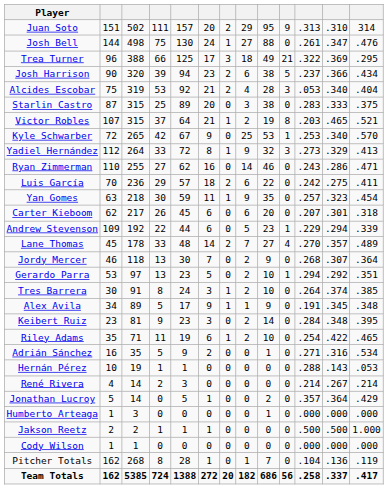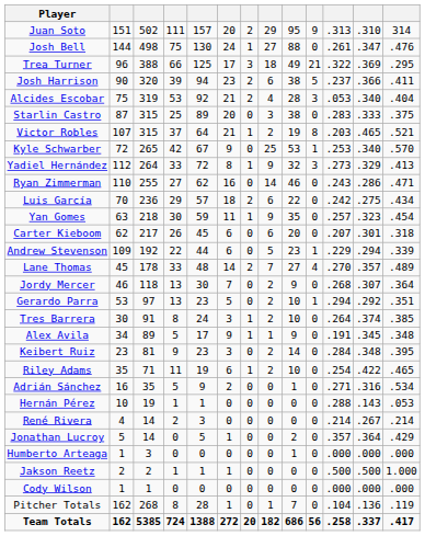 <table class="wikitable sortable" style="text-align:center;">
 <tr>
 <th>Player</th>
 <th></th>
 <th></th>
 <th></th>
 <th></th>
 <th></th>
 <th></th>
 <th></th>
 <th></th>
 <th></th>
 <th></th>
 <th></th>
 <th></th>
 </tr>
 <tr>
 <td><a href='#'>Juan Soto</a></td>
 <td>151</td>
 <td>502</td>
 <td>111</td>
 <td>157</td>
 <td>20</td>
 <td>2</td>
 <td>29</td>
 <td>95</td>
 <td>9</td>
 <td>.313</td>
 <td>.310</td>
 <td>314</td>
 </tr>
 <tr>
 <td><a href='#'>Josh Bell</a></td>
 <td>144</td>
 <td>498</td>
 <td>75</td>
 <td>130</td>
 <td>24</td>
 <td>1</td>
 <td>27</td>
 <td>88</td>
 <td>0</td>
 <td>.261</td>
 <td>.347</td>
 <td>.476</td>
 </tr>
 <tr>
 <td><a href='#'>Trea Turner</a></td>
 <td>96</td>
 <td>388</td>
 <td>66</td>
 <td>125</td>
 <td>17</td>
 <td>3</td>
 <td>18</td>
 <td>49</td>
 <td>21</td>
 <td>.322</td>
 <td>.369</td>
 <td>.295</td>
 </tr>
 <tr>
 <td><a href='#'>Josh Harrison</a></td>
 <td>90</td>
 <td>320</td>
 <td>39</td>
 <td>94</td>
 <td>23</td>
 <td>2</td>
 <td>6</td>
 <td>38</td>
 <td>5</td>
 <td>.237</td>
 <td>.366</td>
-<td>.434</td>
+<td>.411</td>
 </tr>
 <tr>
 <td><a href='#'>Alcides Escobar</a></td>
 <td>75</td>
 <td>319</td>
 <td>53</td>
 <td>92</td>
 <td>21</td>
 <td>2</td>
 <td>4</td>
 <td>28</td>
 <td>3</td>
 <td>.053</td>
 <td>.340</td>
 <td>.404</td>
 </tr>
 <tr>
 <td><a href='#'>Starlin Castro</a></td>
 <td>87</td>
 <td>315</td>
 <td>25</td>
 <td>89</td>
 <td>20</td>
 <td>0</td>
 <td>3</td>
 <td>38</td>
 <td>0</td>
 <td>.283</td>
 <td>.333</td>
 <td>.375</td>
 </tr>
 <tr>
 <td><a href='#'>Victor Robles</a></td>
 <td>107</td>
 <td>315</td>
 <td>37</td>
 <td>64</td>
 <td>21</td>
 <td>1</td>
 <td>2</td>
 <td>19</td>
 <td>8</td>
 <td>.203</td>
 <td>.465</td>
 <td>.521</td>
 </tr>
 <tr>
 <td><a href='#'>Kyle Schwarber</a></td>
 <td>72</td>
 <td>265</td>
 <td>42</td>
 <td>67</td>
 <td>9</td>
 <td>0</td>
 <td>25</td>
 <td>53</td>
 <td>1</td>
 <td>.253</td>
 <td>.340</td>
 <td>.570</td>
 </tr>
 <tr>
 <td><a href='#'>Yadiel Hernández</a></td>
 <td>112</td>
 <td>264</td>
 <td>33</td>
 <td>72</td>
 <td>8</td>
 <td>1</td>
 <td>9</td>
 <td>32</td>
 <td>3</td>
 <td>.273</td>
 <td>.329</td>
 <td>.413</td>
 </tr>
 <tr>
 <td><a href='#'>Ryan Zimmerman</a></td>
 <td>110</td>
 <td>255</td>
 <td>27</td>
 <td>62</td>
 <td>16</td>
 <td>0</td>
 <td>14</td>
 <td>46</td>
 <td>0</td>
 <td>.243</td>
 <td>.286</td>
 <td>.471</td>
 </tr>
 <tr>
 <td><a href='#'>Luis García</a></td>
 <td>70</td>
 <td>236</td>
 <td>29</td>
 <td>57</td>
 <td>18</td>
 <td>2</td>
 <td>6</td>
 <td>22</td>
 <td>0</td>
 <td>.242</td>
 <td>.275</td>
-<td>.411</td>
+<td>.434</td>
 </tr>
 <tr>
 <td><a href='#'>Yan Gomes</a></td>
 <td>63</td>
 <td>218</td>
 <td>30</td>
 <td>59</td>
 <td>11</td>
 <td>1</td>
 <td>9</td>
 <td>35</td>
 <td>0</td>
 <td>.257</td>
 <td>.323</td>
 <td>.454</td>
 </tr>
 <tr>
 <td><a href='#'>Carter Kieboom</a></td>
 <td>62</td>
 <td>217</td>
 <td>26</td>
 <td>45</td>
 <td>6</td>
 <td>0</td>
 <td>6</td>
 <td>20</td>
 <td>0</td>
 <td>.207</td>
 <td>.301</td>
 <td>.318</td>
 </tr>
 <tr>
 <td><a href='#'>Andrew Stevenson</a></td>
 <td>109</td>
 <td>192</td>
 <td>22</td>
 <td>44</td>
 <td>6</td>
 <td>0</td>
 <td>5</td>
 <td>23</td>
 <td>1</td>
 <td>.229</td>
 <td>.294</td>
 <td>.339</td>
 </tr>
 <tr>
 <td><a href='#'>Lane Thomas</a></td>
 <td>45</td>
 <td>178</td>
 <td>33</td>
 <td>48</td>
 <td>14</td>
 <td>2</td>
 <td>7</td>
 <td>27</td>
 <td>4</td>
 <td>.270</td>
 <td>.357</td>
 <td>.489</td>
 </tr>
 <tr>
 <td><a href='#'>Jordy Mercer</a></td>
 <td>46</td>
 <td>118</td>
 <td>13</td>
 <td>30</td>
 <td>7</td>
 <td>0</td>
 <td>2</td>
 <td>9</td>
 <td>0</td>
 <td>.268</td>
 <td>.307</td>
 <td>.364</td>
 </tr>
 <tr>
 <td><a href='#'>Gerardo Parra</a></td>
 <td>53</td>
 <td>97</td>
 <td>13</td>
 <td>23</td>
 <td>5</td>
 <td>0</td>
 <td>2</td>
 <td>10</td>
 <td>1</td>
 <td>.294</td>
 <td>.292</td>
 <td>.351</td>
 </tr>
 <tr>
 <td><a href='#'>Tres Barrera</a></td>
 <td>30</td>
 <td>91</td>
 <td>8</td>
 <td>24</td>
 <td>3</td>
 <td>1</td>
 <td>2</td>
 <td>10</td>
 <td>0</td>
 <td>.264</td>
 <td>.374</td>
 <td>.385</td>
 </tr>
 <tr>
 <td><a href='#'>Alex Avila</a></td>
 <td>34</td>
 <td>89</td>
 <td>5</td>
 <td>17</td>
 <td>9</td>
 <td>1</td>
 <td>1</td>
 <td>9</td>
 <td>0</td>
 <td>.191</td>
 <td>.345</td>
 <td>.348</td>
 </tr>
 <tr>
 <td><a href='#'>Keibert Ruiz</a></td>
 <td>23</td>
 <td>81</td>
 <td>9</td>
 <td>23</td>
 <td>3</td>
 <td>0</td>
 <td>2</td>
 <td>14</td>
 <td>0</td>
 <td>.284</td>
 <td>.348</td>
 <td>.395</td>
 </tr>
 <tr>
 <td><a href='#'>Riley Adams</a></td>
 <td>35</td>
 <td>71</td>
 <td>11</td>
 <td>19</td>
 <td>6</td>
 <td>1</td>
 <td>2</td>
 <td>10</td>
 <td>0</td>
 <td>.254</td>
 <td>.422</td>
 <td>.465</td>
 </tr>
 <tr>
 <td><a href='#'>Adrián Sánchez</a></td>
 <td>16</td>
 <td>35</td>
 <td>5</td>
 <td>9</td>
 <td>2</td>
 <td>0</td>
 <td>0</td>
 <td>1</td>
 <td>0</td>
 <td>.271</td>
 <td>.316</td>
 <td>.534</td>
 </tr>
 <tr>
 <td><a href='#'>Hernán Pérez</a></td>
 <td>10</td>
 <td>19</td>
 <td>1</td>
 <td>1</td>
 <td>0</td>
 <td>0</td>
 <td>0</td>
 <td>0</td>
 <td>0</td>
 <td>.288</td>
 <td>.143</td>
 <td>.053</td>
 </tr>
 <tr>
 <td><a href='#'>René Rivera</a></td>
 <td>4</td>
 <td>14</td>
 <td>2</td>
 <td>3</td>
 <td>0</td>
 <td>0</td>
 <td>0</td>
 <td>0</td>
 <td>0</td>
 <td>.214</td>
 <td>.267</td>
 <td>.214</td>
 </tr>
 <tr>
 <td><a href='#'>Jonathan Lucroy</a></td>
 <td>5</td>
 <td>14</td>
 <td>0</td>
 <td>5</td>
 <td>1</td>
 <td>0</td>
 <td>0</td>
 <td>2</td>
 <td>0</td>
 <td>.357</td>
 <td>.364</td>
 <td>.429</td>
 </tr>
 <tr>
 <td><a href='#'>Humberto Arteaga</a></td>
 <td>1</td>
 <td>3</td>
 <td>0</td>
 <td>0</td>
 <td>0</td>
 <td>0</td>
 <td>0</td>
 <td>1</td>
 <td>0</td>
 <td>.000</td>
 <td>.000</td>
 <td>.000</td>
 </tr>
 <tr>
 <td><a href='#'>Jakson Reetz</a></td>
 <td>2</td>
 <td>2</td>
 <td>1</td>
 <td>1</td>
 <td>1</td>
 <td>0</td>
 <td>0</td>
 <td>0</td>
 <td>0</td>
 <td>.500</td>
 <td>.500</td>
 <td>1.000</td>
 </tr>
 <tr>
 <td><a href='#'>Cody Wilson</a></td>
 <td>1</td>
 <td>1</td>
 <td>0</td>
 <td>0</td>
 <td>0</td>
 <td>0</td>
 <td>0</td>
 <td>0</td>
 <td>0</td>
 <td>.000</td>
 <td>.000</td>
 <td>.000</td>
 </tr>
 <tr>
 <td>Pitcher Totals</td>
 <td>162</td>
 <td>268</td>
 <td>8</td>
 <td>28</td>
 <td>1</td>
 <td>0</td>
 <td>1</td>
 <td>7</td>
 <td>0</td>
 <td>.104</td>
 <td>.136</td>
 <td>.119</td>
 </tr>
 <tr>
 <td><strong>Team Totals</strong></td>
 <td><strong>162</strong></td>
 <td><strong>5385</strong></td>
 <td><strong>724</strong></td>
 <td><strong>1388</strong></td>
 <td><strong>272</strong></td>
 <td><strong>20</strong></td>
 <td><strong>182</strong></td>
 <td><strong>686</strong></td>
 <td><strong>56</strong></td>
 <td><strong>.258</strong></td>
 <td><strong>.337</strong></td>
 <td><strong>.417</strong></td>
 </tr>
 </table>
